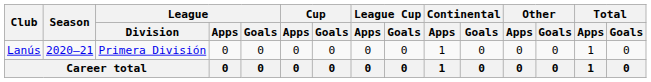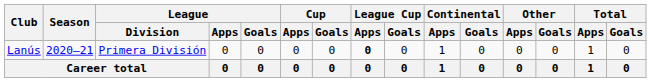 <table class="wikitable" style="text-align:center">
 <tr>
 <th rowspan="2">Club</th>
 <th rowspan="2">Season</th>
 <th colspan="3">League</th>
 <th colspan="2">Cup</th>
 <th colspan="2">League Cup</th>
 <th colspan="2">Continental</th>
 <th colspan="2">Other</th>
 <th colspan="2">Total</th>
 </tr>
 <tr>
 <th>Division</th>
 <th>Apps</th>
 <th>Goals</th>
 <th>Apps</th>
 <th>Goals</th>
 <th>Apps</th>
 <th>Goals</th>
 <th>Apps</th>
 <th>Goals</th>
 <th>Apps</th>
 <th>Goals</th>
 <th>Apps</th>
 <th>Goals</th>
 </tr>
 <tr>
 <td rowspan="1"><a href='#'>Lanús</a></td>
 <td><a href='#'>2020–21</a></td>
 <td rowspan="1"><a href='#'>Primera División</a></td>
 <td>0</td>
 <td>0</td>
 <td>0</td>
 <td>0</td>
-<td>0</td>
+<td><strong>0</strong></td>
 <td>0</td>
 <td>1</td>
 <td>0</td>
 <td>0</td>
 <td>0</td>
 <td>1</td>
 <td>0</td>
 </tr>
 <tr>
 <th colspan="3">Career total</th>
 <th>0</th>
 <th>0</th>
 <th>0</th>
 <th>0</th>
 <th>0</th>
 <th>0</th>
 <th>1</th>
 <th>0</th>
 <th>0</th>
 <th>0</th>
 <th>1</th>
 <th>0</th>
 </tr>
 </table>
